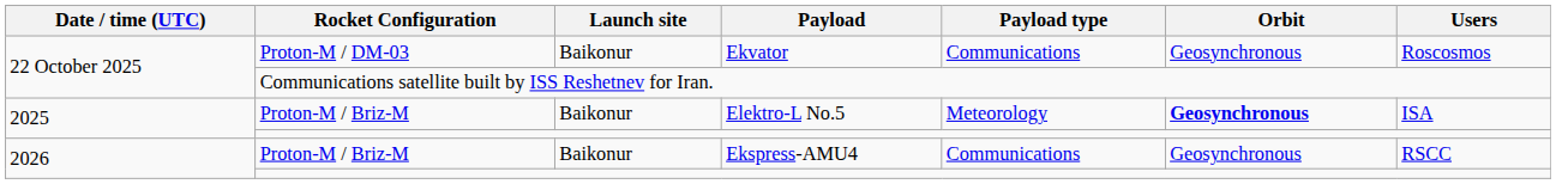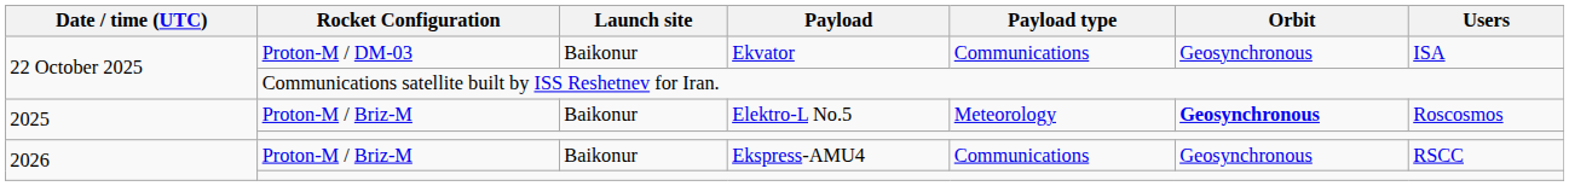 <table class="wikitable plainrowheaders" style="width: 100%;">
 <tr>
 <th scope="col">Date / time (<a href='#'>UTC</a>)</th>
 <th scope="col">Rocket Configuration</th>
 <th scope="col">Launch site</th>
 <th scope="col">Payload</th>
 <th scope="col">Payload type</th>
 <th scope="col">Orbit</th>
 <th scope="col">Users</th>
 </tr>
 <tr>
 <td rowspan="2">22 October 2025</td>
 <td><a href='#'>Proton-M</a> / <a href='#'>DM-03</a></td>
 <td>Baikonur</td>
 <td><a href='#'>Ekvator</a></td>
 <td><a href='#'>Communications</a></td>
 <td><a href='#'>Geosynchronous</a></td>
-<td><a href='#'>Roscosmos</a></td>
+<td><a href='#'>ISA</a></td>
 </tr>
 <tr>
 <td colspan="6">Communications satellite built by <a href='#'>ISS Reshetnev</a> for Iran.</td>
 </tr>
 <tr>
 <td rowspan="2">2025</td>
 <td><a href='#'>Proton-M</a> / <a href='#'>Briz-M</a></td>
 <td>Baikonur</td>
 <td><a href='#'>Elektro-L</a> No.5</td>
 <td><a href='#'>Meteorology</a></td>
 <td><strong><a href='#'>Geosynchronous</a></strong></td>
-<td><a href='#'>ISA</a></td>
+<td><a href='#'>Roscosmos</a></td>
 </tr>
 <tr>
 <td colspan="6"></td>
 </tr>
 <tr>
 <td rowspan="2">2026</td>
 <td><a href='#'>Proton-M</a> / <a href='#'>Briz-M</a></td>
 <td>Baikonur</td>
 <td><a href='#'>Ekspress</a>-AMU4</td>
 <td><a href='#'>Communications</a></td>
 <td><a href='#'>Geosynchronous</a></td>
 <td><a href='#'>RSCC</a></td>
 </tr>
 <tr>
 <td colspan="6"></td>
 </tr>
 </table>
